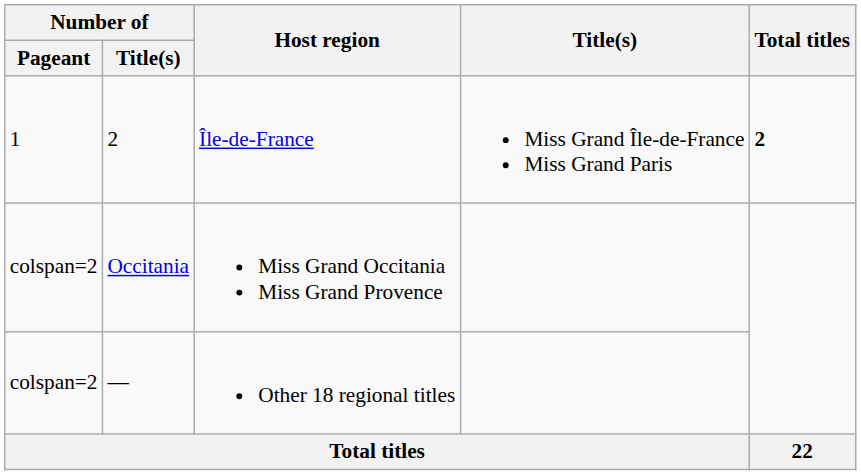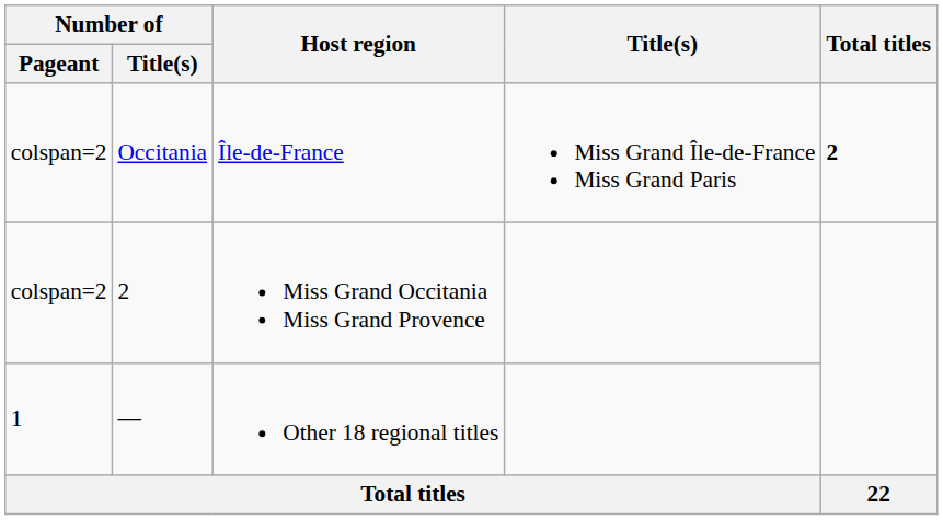 <table class="wikitable defaultcenter col4left" style="font-size: 90%;">
 <tr>
 <th colspan=2>Number of</th>
 <th rowspan=2>Host region</th>
 <th rowspan=2>Title(s)</th>
 <th rowspan=2>Total titles</th>
 </tr>
 <tr>
 <th>Pageant</th>
 <th>Title(s)</th>
 </tr>
 <tr>
-<td>1</td>
-<td>2</td>
+<td>colspan=2 </td>
+<td><a href='#'>Occitania</a></td>
 <td><a href='#'>Île-de-France</a></td>
 <td><br><ul><li>Miss Grand Île-de-France</li><li>Miss Grand Paris</li></ul></td>
 <td><strong>2</strong></td>
 </tr>
 <tr>
 <td>colspan=2 </td>
-<td><a href='#'>Occitania</a></td>
+<td>2</td>
 <td><br><ul><li>Miss Grand Occitania</li><li>Miss Grand Provence</li></ul></td>
 <td></td>
 </tr>
 <tr>
-<td>colspan=2 </td>
+<td>1</td>
 <td>—</td>
 <td><br><ul><li>Other 18 regional titles</li></ul></td>
 <td></td>
 </tr>
 <tr>
 <th colspan=4>Total titles</th>
 <th>22</th>
 </tr>
 </table>
